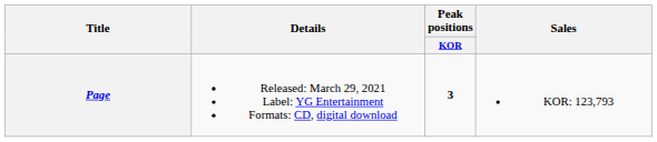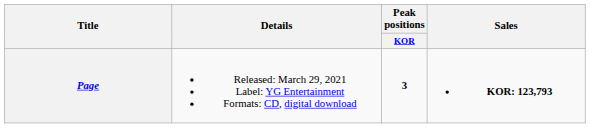 <table class="wikitable plainrowheaders" style="text-align:center;">
 <tr>
 <th scope="col" rowspan="2" style="width:17em;">Title</th>
 <th rowspan="2" style="width:20.7em;">Details</th>
 <th scope="col" colspan="1">Peak positions</th>
 <th scope="col" rowspan="2" style="width:15.5em;">Sales</th>
 </tr>
 <tr>
 <th scope="col" style="width:3em;font-size:85%;"><a href='#'>KOR</a><br></th>
 </tr>
 <tr>
 <th scope="row"><em><a href='#'>Page</a></em></th>
 <td><br><ul><li>Released: March 29, 2021</li><li>Label: <a href='#'>YG Entertainment</a></li><li>Formats: <a href='#'>CD</a>, <a href='#'>digital download</a></li></ul></td>
 <td><strong>3</strong></td>
-<td><br><ul><li>KOR: 123,793</li></ul></td>
+<td><strong><br><ul><li>KOR: 123,793</li></ul></strong></td>
 </tr>
 </table>
